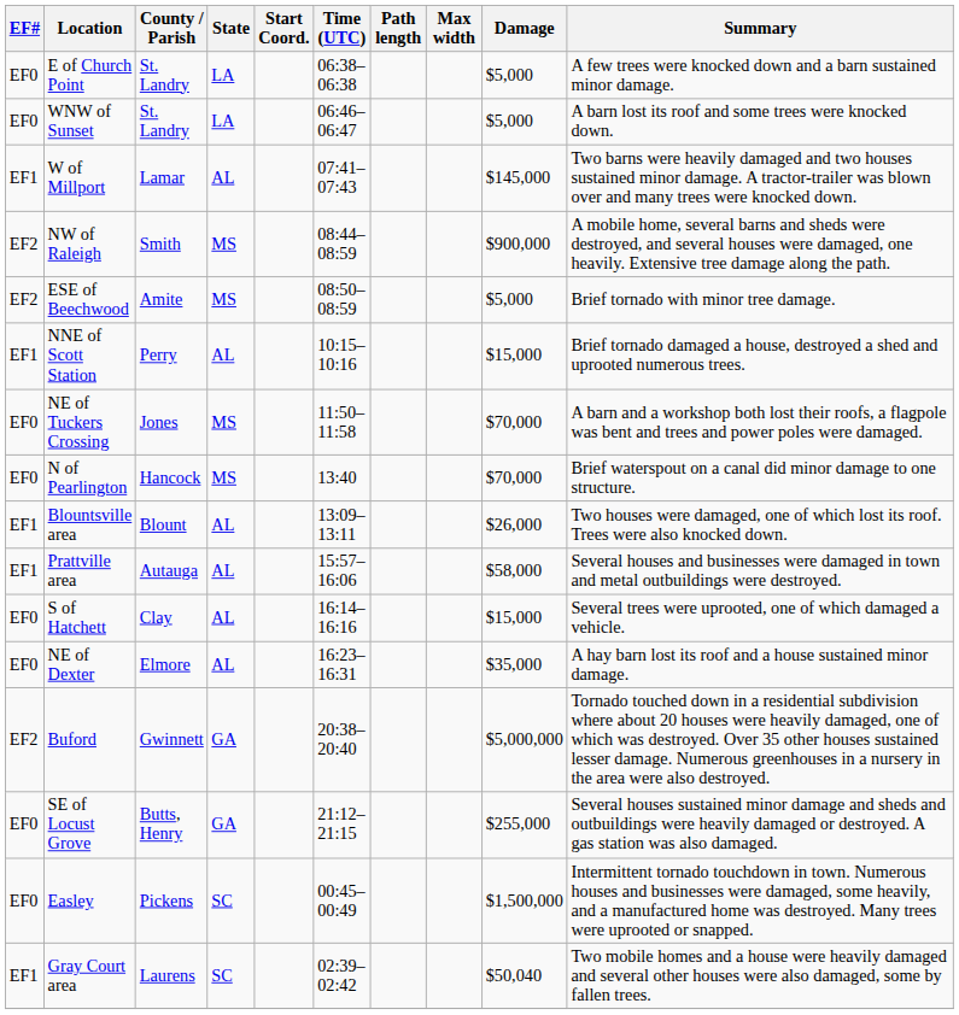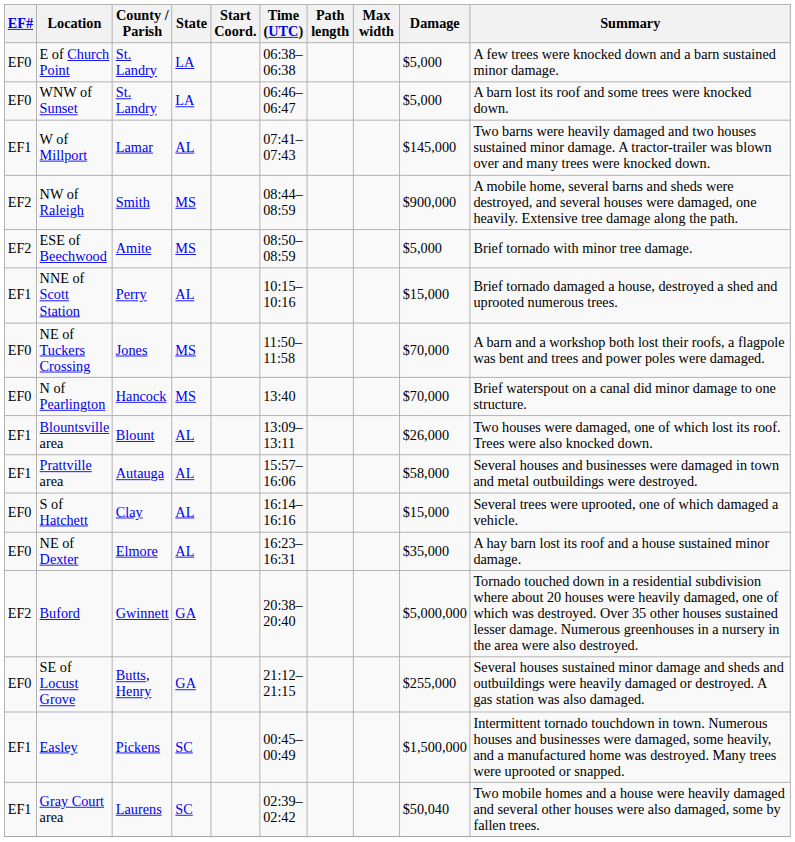 <table class="wikitable sortable" style="width:100%;">
 <tr>
 <th scope="col" width="3%" align="center"><a href='#'>EF#</a></th>
 <th scope="col" width="7%" align="center" class="unsortable">Location</th>
 <th scope="col" width="6%" align="center" class="unsortable">County / Parish</th>
 <th scope="col" width="5%" align="center">State</th>
 <th scope="col" width="6%" align="center">Start Coord.</th>
 <th scope="col" width="6%" align="center">Time (<a href='#'>UTC</a>)</th>
 <th scope="col" width="6%" align="center">Path length</th>
 <th scope="col" width="6%" align="center">Max width</th>
 <th scope="col" width="6%" align="center">Damage</th>
 <th scope="col" width="48%" class="unsortable" align="center">Summary</th>
 </tr>
 <tr>
 <td>EF0</td>
 <td>E of <a href='#'>Church Point</a></td>
 <td><a href='#'>St. Landry</a></td>
 <td><a href='#'>LA</a></td>
 <td></td>
 <td>06:38–06:38</td>
 <td></td>
 <td></td>
 <td>$5,000</td>
 <td>A few trees were knocked down and a barn sustained minor damage.</td>
 </tr>
 <tr>
 <td>EF0</td>
 <td>WNW of <a href='#'>Sunset</a></td>
 <td><a href='#'>St. Landry</a></td>
 <td><a href='#'>LA</a></td>
 <td></td>
 <td>06:46–06:47</td>
 <td></td>
 <td></td>
 <td>$5,000</td>
 <td>A barn lost its roof and some trees were knocked down.</td>
 </tr>
 <tr>
 <td>EF1</td>
 <td>W of <a href='#'>Millport</a></td>
 <td><a href='#'>Lamar</a></td>
 <td><a href='#'>AL</a></td>
 <td></td>
 <td>07:41–07:43</td>
 <td></td>
 <td></td>
 <td>$145,000</td>
 <td>Two barns were heavily damaged and two houses sustained minor damage. A tractor-trailer was blown over and many trees were knocked down.</td>
 </tr>
 <tr>
 <td>EF2</td>
 <td>NW of <a href='#'>Raleigh</a></td>
 <td><a href='#'>Smith</a></td>
 <td><a href='#'>MS</a></td>
 <td></td>
 <td>08:44–08:59</td>
 <td></td>
 <td></td>
 <td>$900,000</td>
 <td>A mobile home, several barns and sheds were destroyed, and several houses were damaged, one heavily. Extensive tree damage along the path.</td>
 </tr>
 <tr>
 <td>EF2</td>
 <td>ESE of <a href='#'>Beechwood</a></td>
 <td><a href='#'>Amite</a></td>
 <td><a href='#'>MS</a></td>
 <td></td>
 <td>08:50–08:59</td>
 <td></td>
 <td></td>
 <td>$5,000</td>
 <td>Brief tornado with minor tree damage.</td>
 </tr>
 <tr>
 <td>EF1</td>
 <td>NNE of <a href='#'>Scott Station</a></td>
 <td><a href='#'>Perry</a></td>
 <td><a href='#'>AL</a></td>
 <td></td>
 <td>10:15–10:16</td>
 <td></td>
 <td></td>
 <td>$15,000</td>
 <td>Brief tornado damaged a house, destroyed a shed and uprooted numerous trees.</td>
 </tr>
 <tr>
 <td>EF0</td>
 <td>NE of <a href='#'>Tuckers Crossing</a></td>
 <td><a href='#'>Jones</a></td>
 <td><a href='#'>MS</a></td>
 <td></td>
 <td>11:50–11:58</td>
 <td></td>
 <td></td>
 <td>$70,000</td>
 <td>A barn and a workshop both lost their roofs, a flagpole was bent and trees and power poles were damaged.</td>
 </tr>
 <tr>
 <td>EF0</td>
 <td>N of <a href='#'>Pearlington</a></td>
 <td><a href='#'>Hancock</a></td>
 <td><a href='#'>MS</a></td>
 <td></td>
 <td>13:40</td>
 <td></td>
 <td></td>
 <td>$70,000</td>
 <td>Brief waterspout on a canal did minor damage to one structure.</td>
 </tr>
 <tr>
 <td>EF1</td>
 <td><a href='#'>Blountsville</a> area</td>
 <td><a href='#'>Blount</a></td>
 <td><a href='#'>AL</a></td>
 <td></td>
 <td>13:09–13:11</td>
 <td></td>
 <td></td>
 <td>$26,000</td>
 <td>Two houses were damaged, one of which lost its roof. Trees were also knocked down.</td>
 </tr>
 <tr>
 <td>EF1</td>
 <td><a href='#'>Prattville</a> area</td>
 <td><a href='#'>Autauga</a></td>
 <td><a href='#'>AL</a></td>
 <td></td>
 <td>15:57–16:06</td>
 <td></td>
 <td></td>
 <td>$58,000</td>
 <td>Several houses and businesses were damaged in town and metal outbuildings were destroyed.</td>
 </tr>
 <tr>
 <td>EF0</td>
 <td>S of <a href='#'>Hatchett</a></td>
 <td><a href='#'>Clay</a></td>
 <td><a href='#'>AL</a></td>
 <td></td>
 <td>16:14–16:16</td>
 <td></td>
 <td></td>
 <td>$15,000</td>
 <td>Several trees were uprooted, one of which damaged a vehicle.</td>
 </tr>
 <tr>
 <td>EF0</td>
 <td>NE of <a href='#'>Dexter</a></td>
 <td><a href='#'>Elmore</a></td>
 <td><a href='#'>AL</a></td>
 <td></td>
 <td>16:23–16:31</td>
 <td></td>
 <td></td>
 <td>$35,000</td>
 <td>A hay barn lost its roof and a house sustained minor damage.</td>
 </tr>
 <tr>
 <td>EF2</td>
 <td><a href='#'>Buford</a></td>
 <td><a href='#'>Gwinnett</a></td>
 <td><a href='#'>GA</a></td>
 <td></td>
 <td>20:38–20:40</td>
 <td></td>
 <td></td>
 <td>$5,000,000</td>
 <td>Tornado touched down in a residential subdivision where about 20 houses were heavily damaged, one of which was destroyed. Over 35 other houses sustained lesser damage. Numerous greenhouses in a nursery in the area were also destroyed.</td>
 </tr>
 <tr>
 <td>EF0</td>
 <td>SE of <a href='#'>Locust Grove</a></td>
 <td><a href='#'>Butts</a>, <a href='#'>Henry</a></td>
 <td><a href='#'>GA</a></td>
 <td></td>
 <td>21:12–21:15</td>
 <td></td>
 <td></td>
 <td>$255,000</td>
 <td>Several houses sustained minor damage and sheds and outbuildings were heavily damaged or destroyed. A gas station was also damaged.</td>
 </tr>
 <tr>
-<td>EF0</td>
+<td>EF1</td>
 <td><a href='#'>Easley</a></td>
 <td><a href='#'>Pickens</a></td>
 <td><a href='#'>SC</a></td>
 <td></td>
 <td>00:45–00:49</td>
 <td></td>
 <td></td>
 <td>$1,500,000</td>
 <td>Intermittent tornado touchdown in town. Numerous houses and businesses were damaged, some heavily, and a manufactured home was destroyed. Many trees were uprooted or snapped.</td>
 </tr>
 <tr>
 <td>EF1</td>
 <td><a href='#'>Gray Court</a> area</td>
 <td><a href='#'>Laurens</a></td>
 <td><a href='#'>SC</a></td>
 <td></td>
 <td>02:39–02:42</td>
 <td></td>
 <td></td>
 <td>$50,040</td>
 <td>Two mobile homes and a house were heavily damaged and several other houses were also damaged, some by fallen trees.</td>
 </tr>
 <tr>
 </tr>
 </table>
